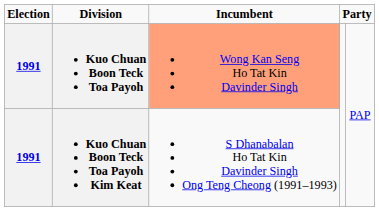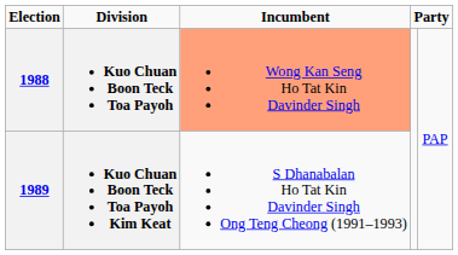 <table class="wikitable" align="center" style="text-align:center">
 <tr>
 <td><strong>Election </strong></td>
 <td><strong>Division </strong></td>
 <td><strong>Incumbent</strong></td>
 <td colspan="2"><strong>Party</strong></td>
 </tr>
 <tr>
-<th><a href='#'>1991</a></th>
+<th><a href='#'>1988</a></th>
 <th><br><ul><li>Kuo Chuan</li><li>Boon Teck</li><li>Toa Payoh</li></ul></th>
 <td style="background: lightsalmon;"><br><ul><li><a href='#'>Wong Kan Seng</a></li><li>Ho Tat Kin</li><li><a href='#'>Davinder Singh</a></li></ul></td>
 <td rowspan="2"></td>
 <td rowspan="2"><a href='#'>PAP</a></td>
 </tr>
 <tr>
-<th><a href='#'>1991</a></th>
+<th><a href='#'>1989</a></th>
 <th><br><ul><li>Kuo Chuan</li><li>Boon Teck</li><li>Toa Payoh</li><li>Kim Keat</li></ul></th>
 <td><br><ul><li><a href='#'>S Dhanabalan</a></li><li>Ho Tat Kin</li><li><a href='#'>Davinder Singh</a></li><li><a href='#'>Ong Teng Cheong</a> (1991–1993)</li></ul></td>
 </tr>
 </table>
